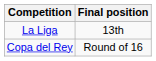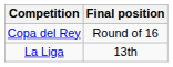 <table class="wikitable" style="font-size:100%; text-align:center">
 <tr>
 <th>Competition</th>
 <th>Final position</th>
 </tr>
 <tr style="background:">
+<td><a href='#'>Copa del Rey</a></td>
+<td>Round of 16</td>
+</tr>
+<tr style="background:">
 <td><a href='#'>La Liga</a></td>
 <td>13th</td>
 </tr>
-<tr style="background:">
-<td><a href='#'>Copa del Rey</a></td>
-<td>Round of 16</td>
-</tr>
 </table>
